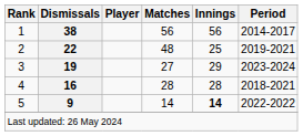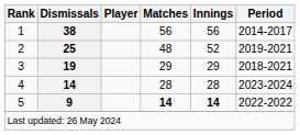 <table class="wikitable">
 <tr>
 <th style="text-align:center;">Rank</th>
 <th style="text-align:center;">Dismissals</th>
 <th style="text-align:center;">Player</th>
 <th style="text-align:center;">Matches</th>
 <th style="text-align:center;">Innings</th>
 <th style="text-align:center;">Period</th>
 </tr>
 <tr>
 <td align=center>1</td>
 <th scope=row style=text-align:center;>38</th>
 <td></td>
 <td align=center>56</td>
 <td align=center>56</td>
 <td>2014-2017</td>
 </tr>
 <tr>
 <td align=center>2</td>
-<th scope=row style=text-align:center;>22</th>
+<th scope=row style=text-align:center;>25</th>
 <td></td>
 <td align=center>48</td>
-<td align=center>25</td>
+<td align=center>52</td>
 <td>2019-2021</td>
 </tr>
 <tr>
 <td align=center>3</td>
 <th scope=row style=text-align:center;>19</th>
 <td></td>
-<td align=center>27</td>
 <td align=center>29</td>
-<td>2023-2024</td>
+<td align=center>29</td>
+<td>2018-2021</td>
 </tr>
 <tr>
 <td align=center>4</td>
-<th scope=row style=text-align:center;>16</th>
+<th scope=row style=text-align:center;>14</th>
 <td></td>
 <td align=center>28</td>
 <td align=center>28</td>
-<td>2018-2021</td>
+<td>2023-2024</td>
 </tr>
 <tr>
 <td align=center>5</td>
 <th scope=row style=text-align:center;>9</th>
 <td></td>
-<td align=center>14</td>
+<td align=center><strong>14</strong></td>
 <td align=center><strong>14</strong></td>
 <td>2022-2022</td>
 </tr>
 <tr>
 </tr>
 <tr class=sortbottom>
 <td colspan=6><small>Last updated: 26 May 2024</small></td>
 </tr>
 </table>
